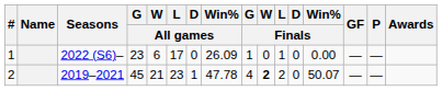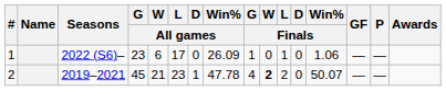 <table class="wikitable plainrowheaders sortable" style="text-align: center">
 <tr>
 <th scope="col" rowspan=2>#</th>
 <th scope="col" rowspan=2>Name</th>
 <th scope="col" rowspan=2>Seasons</th>
 <th scope="col">G</th>
 <th scope="col">W</th>
 <th scope="col">L</th>
 <th scope="col">D</th>
 <th scope="col">Win%</th>
 <th scope="col">G</th>
 <th scope="col">W</th>
 <th scope="col">L</th>
 <th scope="col">D</th>
 <th scope="col">Win%</th>
 <th scope="col" rowspan=2>GF</th>
 <th scope="col" rowspan=2>P</th>
 <th scope="col" class="unsortable" rowspan=2>Awards</th>
 </tr>
 <tr>
 <th scope="col" colspan=5>All games</th>
 <th scope="col" colspan=5>Finals</th>
 </tr>
 <tr>
 <td>1</td>
 <th scope="row"></th>
 <td align=left><a href='#'>2022 (S6)</a>–</td>
 <td>23</td>
 <td>6</td>
 <td>17</td>
 <td>0</td>
 <td>26.09</td>
 <td>1</td>
 <td>0</td>
 <td>1</td>
 <td>0</td>
-<td>0.00</td>
+<td>1.06</td>
 <td>—</td>
 <td>—</td>
 <td></td>
 </tr>
 <tr>
 <td>2</td>
 <th scope="row"></th>
 <td align=left><a href='#'>2019</a>–<a href='#'>2021</a></td>
 <td>45</td>
 <td>21</td>
 <td>23</td>
 <td>1</td>
 <td>47.78</td>
 <td>4</td>
 <td><strong>2</strong></td>
 <td>2</td>
 <td>0</td>
 <td>50.07</td>
 <td>—</td>
 <td>—</td>
 <td></td>
 </tr>
 </table>
